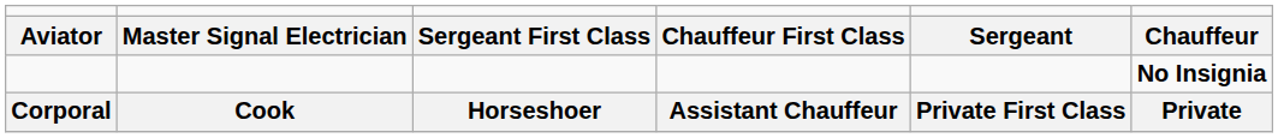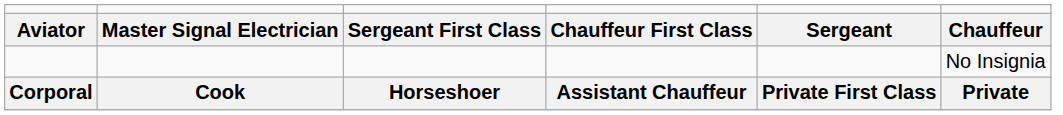 <table class="wikitable" style="text-align:center">
 <tr>
 <td></td>
 <td></td>
 <td></td>
 <td></td>
 <td></td>
 <td></td>
 </tr>
 <tr>
 <th>Aviator</th>
 <th>Master Signal Electrician</th>
 <th>Sergeant First Class</th>
 <th>Chauffeur First Class</th>
 <th>Sergeant</th>
 <th>Chauffeur</th>
 </tr>
 <tr>
 <td></td>
 <td></td>
 <td></td>
 <td></td>
 <td></td>
-<td><strong>No Insignia</strong></td>
+<td>No Insignia</td>
 </tr>
 <tr>
 <th>Corporal</th>
 <th>Cook</th>
 <th>Horseshoer</th>
 <th>Assistant Chauffeur</th>
 <th>Private First Class</th>
 <th>Private</th>
 </tr>
 <tr>
 </tr>
 </table>
